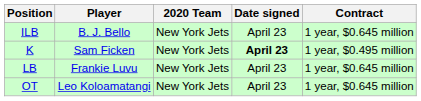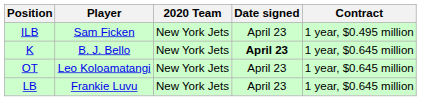 <table class="wikitable sortable" style="text-align:center">
 <tr>
 <th>Position</th>
 <th>Player</th>
 <th>2020 Team</th>
 <th>Date signed</th>
 <th>Contract</th>
 </tr>
 <tr style="background:#cfc;">
 <td><a href='#'>ILB</a></td>
-<td><a href='#'>B. J. Bello</a></td>
+<td><a href='#'>Sam Ficken</a></td>
 <td>New York Jets</td>
 <td>April 23</td>
-<td>1 year, $0.645 million</td>
+<td>1 year, $0.495 million</td>
 </tr>
 <tr style="background:#cfc;">
 <td><a href='#'>K</a></td>
-<td><a href='#'>Sam Ficken</a></td>
+<td><a href='#'>B. J. Bello</a></td>
 <td>New York Jets</td>
 <td><strong>April 23</strong></td>
-<td>1 year, $0.495 million</td>
-</tr>
-<tr style="background:#cfc;">
-<td><a href='#'>LB</a></td>
-<td><a href='#'>Frankie Luvu</a></td>
-<td>New York Jets</td>
-<td>April 23</td>
 <td>1 year, $0.645 million</td>
 </tr>
 <tr style="background:#cfc;">
 <td><a href='#'>OT</a></td>
 <td><a href='#'>Leo Koloamatangi</a></td>
 <td>New York Jets</td>
 <td>April 23</td>
 <td>1 year, $0.645 million</td>
 </tr>
+<tr style="background:#cfc;">
+<td><a href='#'>LB</a></td>
+<td><a href='#'>Frankie Luvu</a></td>
+<td>New York Jets</td>
+<td>April 23</td>
+<td>1 year, $0.645 million</td>
+</tr>
 </table>
